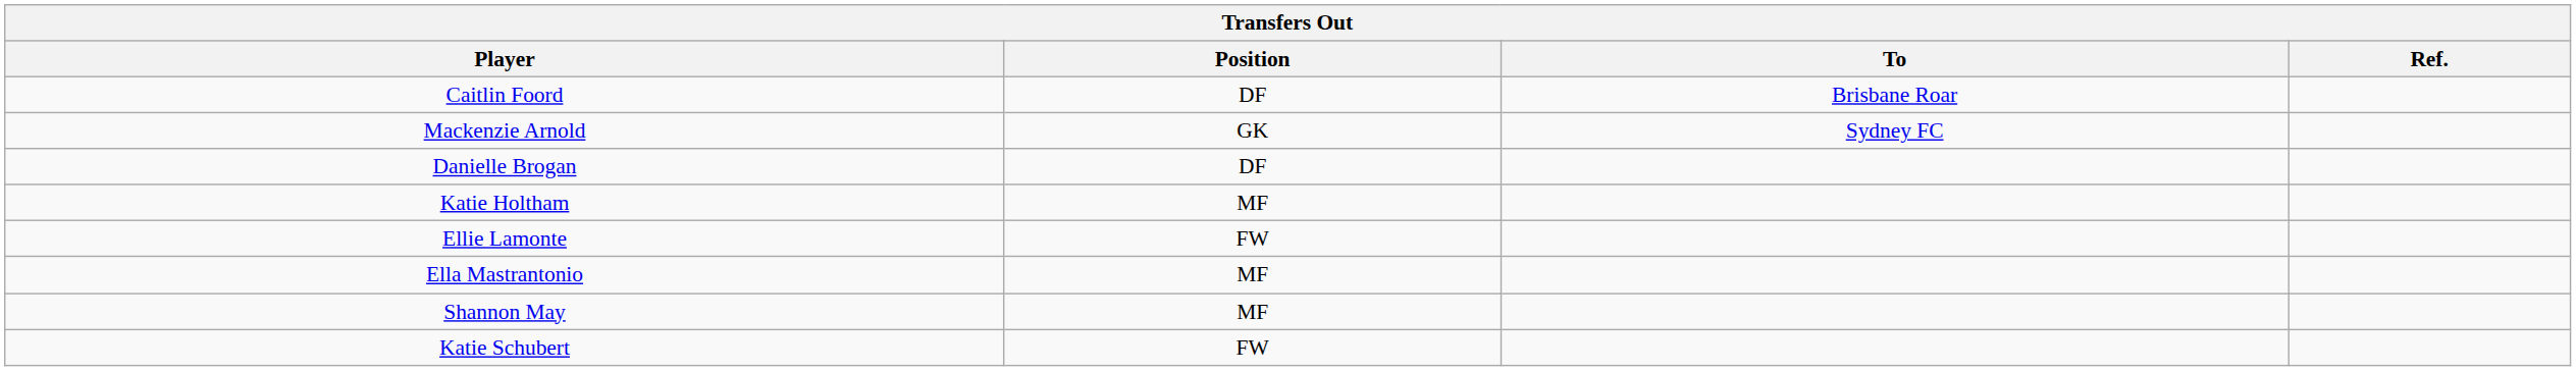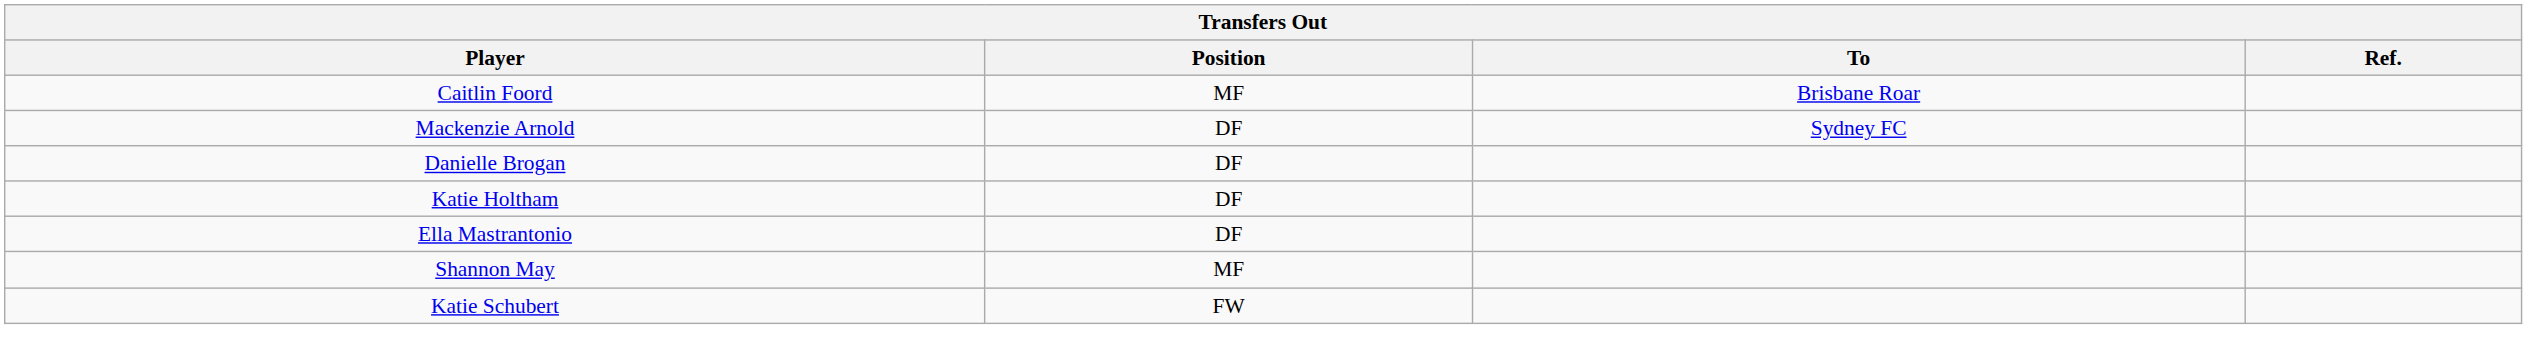 <table class="wikitable sortable collapsible collapsed" style="font-size:95%; text-align: center; width: 90%;">
 <tr>
 <th colspan="4" style="with: 100%;" align=center><strong>Transfers Out</strong></th>
 </tr>
 <tr>
 <th>Player</th>
 <th>Position</th>
 <th>To</th>
 <th>Ref.</th>
 </tr>
 <tr>
 <td> <a href='#'>Caitlin Foord</a></td>
-<td>DF</td>
+<td>MF</td>
 <td><a href='#'>Brisbane Roar</a></td>
 <td></td>
 </tr>
 <tr>
 <td> <a href='#'>Mackenzie Arnold</a></td>
-<td>GK</td>
+<td>DF</td>
 <td><a href='#'>Sydney FC</a></td>
 <td></td>
 </tr>
 <tr>
 <td> <a href='#'>Danielle Brogan</a></td>
 <td>DF</td>
 <td></td>
 <td></td>
 </tr>
 <tr>
 <td> <a href='#'>Katie Holtham</a></td>
-<td>MF</td>
-<td></td>
-<td></td>
-</tr>
-<tr>
-<td> <a href='#'>Ellie Lamonte</a></td>
-<td>FW</td>
+<td>DF</td>
 <td></td>
 <td></td>
 </tr>
 <tr>
 <td> <a href='#'>Ella Mastrantonio</a></td>
-<td>MF</td>
+<td>DF</td>
 <td></td>
 <td></td>
 </tr>
 <tr>
 <td> <a href='#'>Shannon May</a></td>
 <td>MF</td>
 <td></td>
 <td></td>
 </tr>
 <tr>
 <td> <a href='#'>Katie Schubert</a></td>
 <td>FW</td>
 <td></td>
 <td></td>
 </tr>
 </table>
